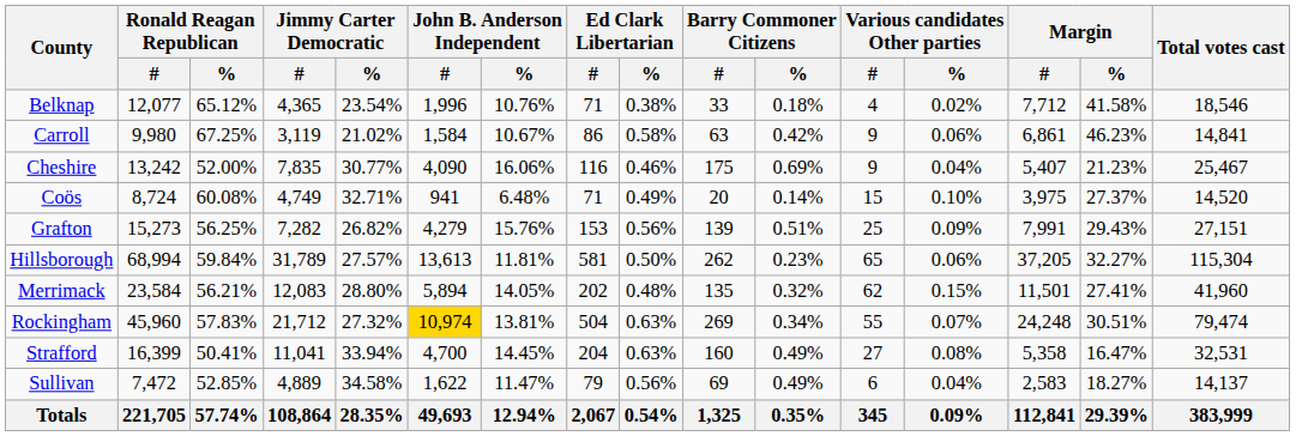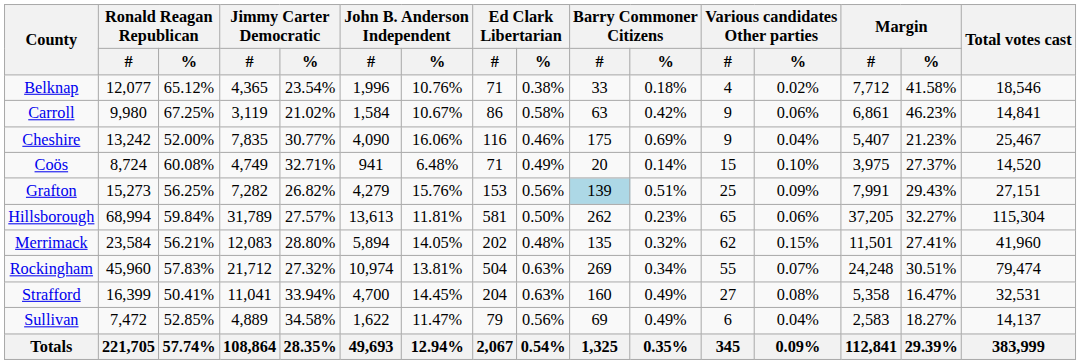 <table class="wikitable sortable">
 <tr>
 <th rowspan="2">County</th>
 <th colspan="2">Ronald Reagan<br>Republican</th>
 <th colspan="2">Jimmy Carter<br>Democratic</th>
 <th colspan="2">John B. Anderson<br>Independent</th>
 <th colspan="2">Ed Clark<br>Libertarian</th>
 <th colspan="2">Barry Commoner<br>Citizens</th>
 <th colspan="2">Various candidates<br>Other parties</th>
 <th colspan="2">Margin</th>
 <th rowspan="2">Total votes cast</th>
 </tr>
 <tr bgcolor="lightgrey">
 <th data-sort-type="number">#</th>
 <th data-sort-type="number">%</th>
 <th data-sort-type="number">#</th>
 <th data-sort-type="number">%</th>
 <th data-sort-type="number">#</th>
 <th data-sort-type="number">%</th>
 <th data-sort-type="number">#</th>
 <th data-sort-type="number">%</th>
 <th data-sort-type="number">#</th>
 <th data-sort-type="number">%</th>
 <th data-sort-type="number">#</th>
 <th data-sort-type="number">%</th>
 <th data-sort-type="number">#</th>
 <th data-sort-type="number">%</th>
 </tr>
 <tr style="text-align:center;">
 <td><a href='#'>Belknap</a></td>
 <td>12,077</td>
 <td>65.12%</td>
 <td>4,365</td>
 <td>23.54%</td>
 <td>1,996</td>
 <td>10.76%</td>
 <td>71</td>
 <td>0.38%</td>
 <td>33</td>
 <td>0.18%</td>
 <td>4</td>
 <td>0.02%</td>
 <td>7,712</td>
 <td>41.58%</td>
 <td>18,546</td>
 </tr>
 <tr style="text-align:center;">
 <td><a href='#'>Carroll</a></td>
 <td>9,980</td>
 <td>67.25%</td>
 <td>3,119</td>
 <td>21.02%</td>
 <td>1,584</td>
 <td>10.67%</td>
 <td>86</td>
 <td>0.58%</td>
 <td>63</td>
 <td>0.42%</td>
 <td>9</td>
 <td>0.06%</td>
 <td>6,861</td>
 <td>46.23%</td>
 <td>14,841</td>
 </tr>
 <tr style="text-align:center;">
 <td><a href='#'>Cheshire</a></td>
 <td>13,242</td>
 <td>52.00%</td>
 <td>7,835</td>
 <td>30.77%</td>
 <td>4,090</td>
 <td>16.06%</td>
 <td>116</td>
 <td>0.46%</td>
 <td>175</td>
 <td>0.69%</td>
 <td>9</td>
 <td>0.04%</td>
 <td>5,407</td>
 <td>21.23%</td>
 <td>25,467</td>
 </tr>
 <tr style="text-align:center;">
 <td><a href='#'>Coös</a></td>
 <td>8,724</td>
 <td>60.08%</td>
 <td>4,749</td>
 <td>32.71%</td>
 <td>941</td>
 <td>6.48%</td>
 <td>71</td>
 <td>0.49%</td>
 <td>20</td>
 <td>0.14%</td>
 <td>15</td>
 <td>0.10%</td>
 <td>3,975</td>
 <td>27.37%</td>
 <td>14,520</td>
 </tr>
 <tr style="text-align:center;">
 <td><a href='#'>Grafton</a></td>
 <td>15,273</td>
 <td>56.25%</td>
 <td>7,282</td>
 <td>26.82%</td>
 <td>4,279</td>
 <td>15.76%</td>
 <td>153</td>
 <td>0.56%</td>
-<td>139</td>
+<td style="background: lightblue;">139</td>
 <td>0.51%</td>
 <td>25</td>
 <td>0.09%</td>
 <td>7,991</td>
 <td>29.43%</td>
 <td>27,151</td>
 </tr>
 <tr style="text-align:center;">
 <td><a href='#'>Hillsborough</a></td>
 <td>68,994</td>
 <td>59.84%</td>
 <td>31,789</td>
 <td>27.57%</td>
 <td>13,613</td>
 <td>11.81%</td>
 <td>581</td>
 <td>0.50%</td>
 <td>262</td>
 <td>0.23%</td>
 <td>65</td>
 <td>0.06%</td>
 <td>37,205</td>
 <td>32.27%</td>
 <td>115,304</td>
 </tr>
 <tr style="text-align:center;">
 <td><a href='#'>Merrimack</a></td>
 <td>23,584</td>
 <td>56.21%</td>
 <td>12,083</td>
 <td>28.80%</td>
 <td>5,894</td>
 <td>14.05%</td>
 <td>202</td>
 <td>0.48%</td>
 <td>135</td>
 <td>0.32%</td>
 <td>62</td>
 <td>0.15%</td>
 <td>11,501</td>
 <td>27.41%</td>
 <td>41,960</td>
 </tr>
 <tr style="text-align:center;">
 <td><a href='#'>Rockingham</a></td>
 <td>45,960</td>
 <td>57.83%</td>
 <td>21,712</td>
 <td>27.32%</td>
-<td style="background: gold;">10,974</td>
+<td>10,974</td>
 <td>13.81%</td>
 <td>504</td>
 <td>0.63%</td>
 <td>269</td>
 <td>0.34%</td>
 <td>55</td>
 <td>0.07%</td>
 <td>24,248</td>
 <td>30.51%</td>
 <td>79,474</td>
 </tr>
 <tr style="text-align:center;">
 <td><a href='#'>Strafford</a></td>
 <td>16,399</td>
 <td>50.41%</td>
 <td>11,041</td>
 <td>33.94%</td>
 <td>4,700</td>
 <td>14.45%</td>
 <td>204</td>
 <td>0.63%</td>
 <td>160</td>
 <td>0.49%</td>
 <td>27</td>
 <td>0.08%</td>
 <td>5,358</td>
 <td>16.47%</td>
 <td>32,531</td>
 </tr>
 <tr style="text-align:center;">
 <td><a href='#'>Sullivan</a></td>
 <td>7,472</td>
 <td>52.85%</td>
 <td>4,889</td>
 <td>34.58%</td>
 <td>1,622</td>
 <td>11.47%</td>
 <td>79</td>
 <td>0.56%</td>
 <td>69</td>
 <td>0.49%</td>
 <td>6</td>
 <td>0.04%</td>
 <td>2,583</td>
 <td>18.27%</td>
 <td>14,137</td>
 </tr>
 <tr>
 <th>Totals</th>
 <th>221,705</th>
 <th>57.74%</th>
 <th>108,864</th>
 <th>28.35%</th>
 <th>49,693</th>
 <th>12.94%</th>
 <th>2,067</th>
 <th>0.54%</th>
 <th>1,325</th>
 <th>0.35%</th>
 <th>345</th>
 <th>0.09%</th>
 <th>112,841</th>
 <th>29.39%</th>
 <th>383,999</th>
 </tr>
 </table>
